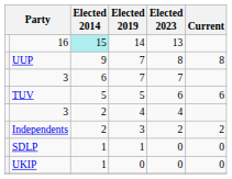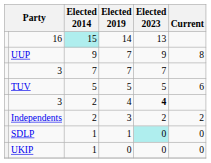 <table class="wikitable" style="font-size: 95%;">
 <tr>
 <th colspan=2>Party</th>
 <th>Elected<br>2014</th>
 <th>Elected<br>2019</th>
 <th>Elected<br>2023</th>
 <th><br>Current</th>
 </tr>
 <tr>
 <td></td>
 <td align="right">16</td>
 <td align="right" style="background: paleturquoise;">15</td>
 <td align="right">14</td>
 <td align="right">13</td>
 </tr>
 <tr>
 <th style="background-color: "></th>
 <td><a href='#'>UUP</a></td>
 <td align="right">9</td>
 <td align="right">7</td>
-<td align="right">8</td>
+<td align="right">9</td>
 <td align="right">8</td>
 </tr>
 <tr>
 <td></td>
 <td align="right">3</td>
-<td align="right">6</td>
+<td align="right">7</td>
 <td align="right">7</td>
 <td align="right">7</td>
 </tr>
 <tr>
 <th style="background-color: "></th>
 <td><a href='#'>TUV</a></td>
 <td align="right">5</td>
 <td align="right">5</td>
-<td align="right">6</td>
+<td align="right">5</td>
 <td align="right">6</td>
 </tr>
 <tr>
 <td></td>
 <td align="right">3</td>
 <td align="right">2</td>
 <td align="right">4</td>
-<td align="right">4</td>
+<td align="right"><strong>4</strong></td>
 </tr>
 <tr>
 <th style="background-color: "></th>
 <td><a href='#'>Independents</a></td>
 <td align="right">2</td>
 <td align="right">3</td>
 <td align="right">2</td>
 <td align="right">2</td>
 </tr>
 <tr>
 <th style="background-color: "></th>
 <td><a href='#'>SDLP</a></td>
 <td align="right">1</td>
 <td align="right">1</td>
-<td align="right">0</td>
+<td align="right" style="background: paleturquoise;">0</td>
 <td align="right">0</td>
 </tr>
 <tr>
 <th style="background-color: "></th>
 <td><a href='#'>UKIP</a></td>
 <td align="right">1</td>
 <td align="right">0</td>
 <td align="right">0</td>
 <td align="right">0</td>
 </tr>
 <tr>
 </tr>
 </table>
